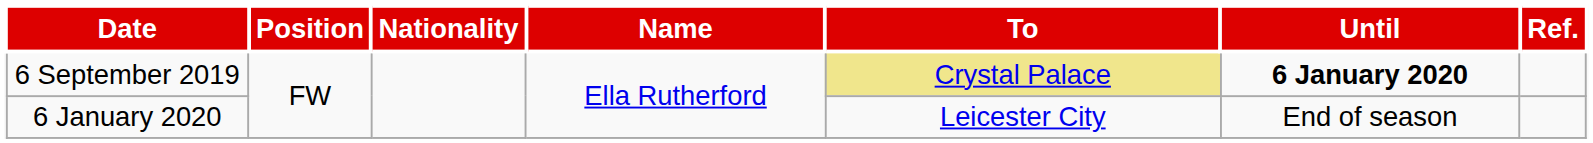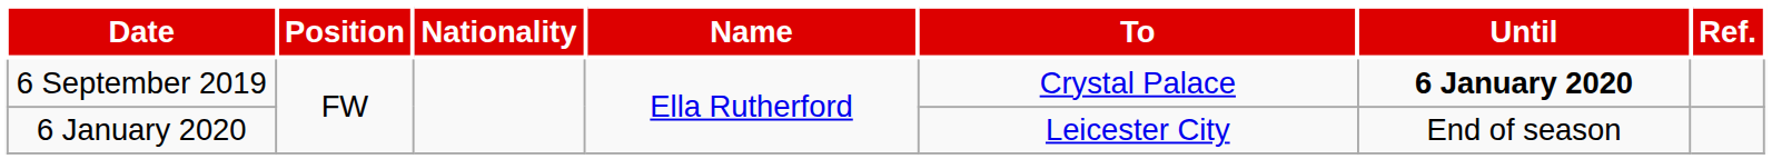 <table class="wikitable" style="text-align:center; font-size:90%; ">
 <tr>
 <th style="background:#DD0000; color:#FFFFFF;border:2px solid #FFFFFF; width:120px;">Date</th>
 <th style="background:#DD0000; color:#FFFFFF;border:2px solid #FFFFFF; width:50px;">Position</th>
 <th style="background:#DD0000;color:#FFFFFF;border:2px solid #FFFFFF; width:50px;">Nationality</th>
 <th style="background:#DD0000;color:#FFFFFF;border:2px solid #FFFFFF; width:150px;">Name</th>
 <th style="background:#DD0000;color:#FFFFFF;border:2px solid #FFFFFF; width:200px;">To</th>
 <th style="background:#DD0000;color:#FFFFFF;border:2px solid #FFFFFF; width:150px;">Until</th>
 <th style="background:#DD0000;color:#FFFFFF;border:2px solid #FFFFFF; width:25px;">Ref.</th>
 </tr>
 <tr>
 <td>6 September 2019</td>
 <td rowspan="2">FW</td>
 <td rowspan="2"></td>
 <td rowspan="2"><a href='#'>Ella Rutherford</a></td>
-<td style="background: khaki;"> <a href='#'>Crystal Palace</a></td>
+<td> <a href='#'>Crystal Palace</a></td>
 <td><strong>6 January 2020</strong></td>
 <td></td>
 </tr>
 <tr>
 <td>6 January 2020</td>
 <td> <a href='#'>Leicester City</a></td>
 <td>End of season</td>
 <td></td>
 </tr>
 </table>
